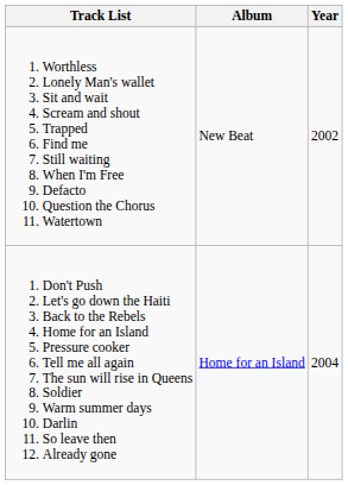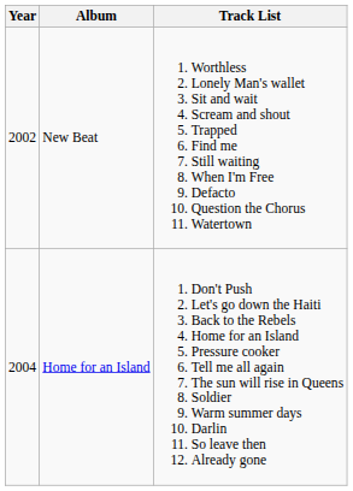 <table class="wikitable sortable">
 <tr>
+<th>Year</th>
+<th>Album</th>
 <th>Track List</th>
-<th>Album</th>
-<th>Year</th>
 </tr>
 <tr>
+<td>2002</td>
+<td>New Beat</td>
 <td><br><ol><li>Worthless</li><li>Lonely Man's wallet</li><li>Sit and wait</li><li>Scream and shout</li><li>Trapped</li><li>Find me</li><li>Still waiting</li><li>When I'm Free</li><li>Defacto</li><li>Question the Chorus</li><li>Watertown</li></ol></td>
-<td>New Beat</td>
-<td>2002</td>
 </tr>
 <tr>
+<td>2004</td>
+<td><a href='#'>Home for an Island</a></td>
 <td><br><ol><li>Don't Push</li><li>Let's go down the Haiti</li><li>Back to the Rebels</li><li>Home for an Island</li><li>Pressure cooker</li><li>Tell me all again</li><li>The sun will rise in Queens</li><li>Soldier</li><li>Warm summer days</li><li>Darlin</li><li>So leave then</li><li>Already gone</li></ol></td>
-<td><a href='#'>Home for an Island</a></td>
-<td>2004</td>
 </tr>
 </table>
